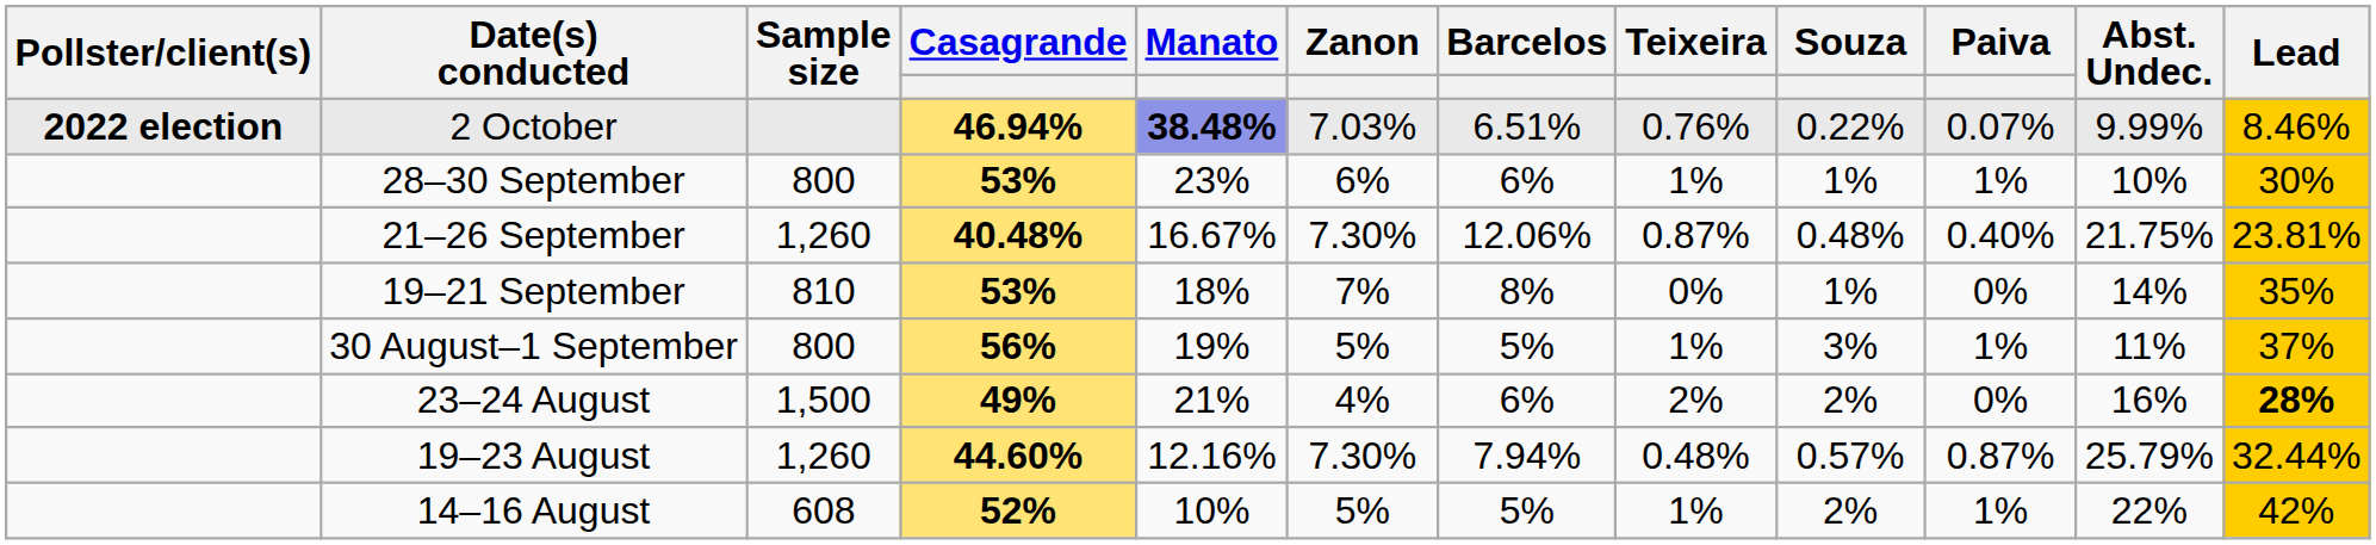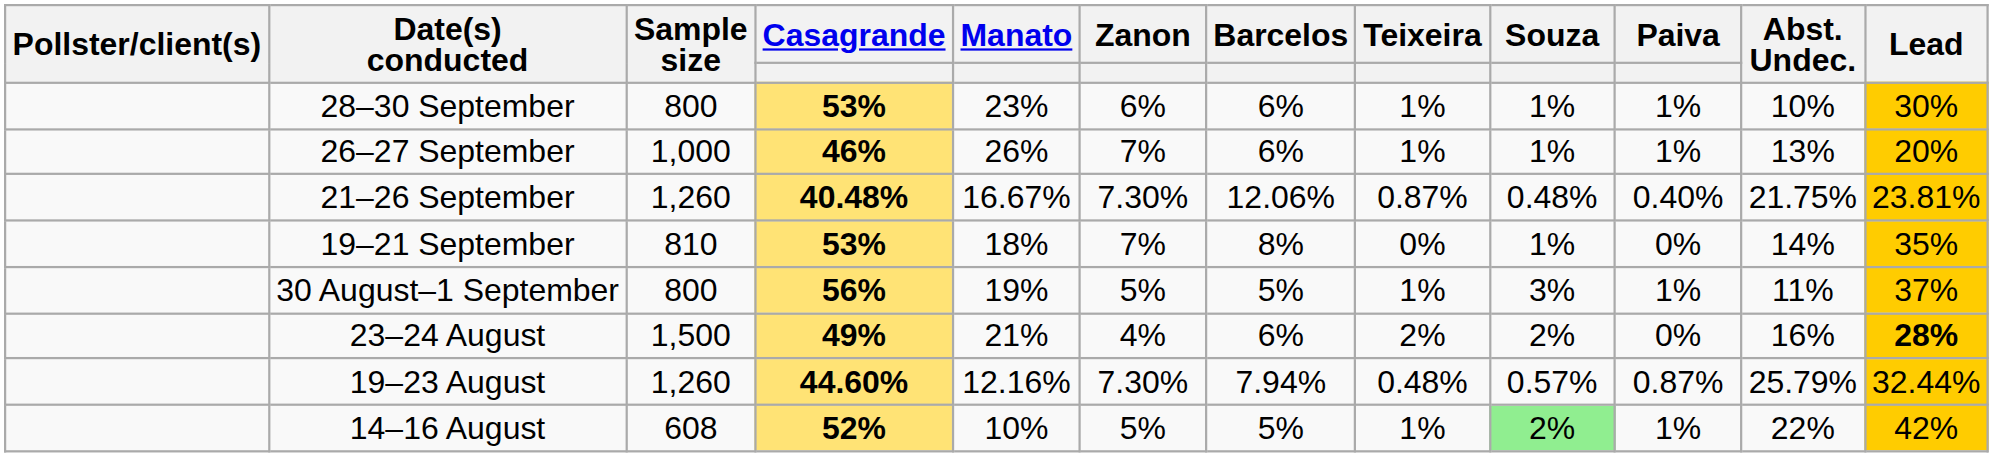 <table class="wikitable sortable" style="text-align:center;font-size:90%;line-height:14px;">
 <tr>
 <th rowspan="2">Pollster/client(s)</th>
 <th rowspan="2">Date(s)<br>conducted</th>
 <th rowspan="2" data-sort-type="number">Sample<br>size</th>
 <th class="unsortable" style="width:50px;"><a href='#'>Casagrande</a><br></th>
 <th class="unsortable" style="width:50px;"><a href='#'>Manato</a><br></th>
 <th class="unsortable" style="width:50px;">Zanon<br></th>
 <th class="unsortable" style="width:50px;">Barcelos<br></th>
 <th class="unsortable" style="width:50px;">Teixeira<br></th>
 <th class="unsortable" style="width:50px;">Souza<br></th>
 <th class="unsortable" style="width:50px;">Paiva<br></th>
 <th rowspan="2" class="unsortable">Abst.<br>Undec.</th>
 <th rowspan="2" data-sort-type="number">Lead</th>
 </tr>
 <tr>
 <th data-sort-type="number" class="sortable" style="background:"></th>
 <th data-sort-type="number" class="sortable" style="background:"></th>
 <th data-sort-type="number" class="sortable" style="background:"></th>
 <th data-sort-type="number" class="sortable" style="background:"></th>
 <th data-sort-type="number" class="sortable" style="background:"></th>
 <th data-sort-type="number" class="sortable" style="background:"></th>
 <th data-sort-type="number" class="sortable" style="background:"></th>
 </tr>
-<tr style="background:#E9E9E9;">
-<td><strong>2022 election</strong></td>
-<td>2 October</td>
-<td></td>
-<td style="background:#FFE375;"><strong>46.94%</strong></td>
-<td style="background:#8c92e6;"><strong>38.48%</strong></td>
-<td>7.03%</td>
-<td>6.51%</td>
-<td>0.76%</td>
-<td>0.22%</td>
-<td>0.07%</td>
-<td>9.99%</td>
-<td style="background:#FFCC00;">8.46%</td>
-</tr>
 <tr>
 <td></td>
 <td>28–30 September</td>
 <td>800</td>
 <td style="background:#FFE375;"><strong>53%</strong></td>
 <td>23%</td>
 <td>6%</td>
 <td>6%</td>
 <td>1%</td>
 <td>1%</td>
 <td>1%</td>
 <td>10%</td>
 <td style="background:#FFCC00;">30%</td>
+</tr>
+<tr>
+<td></td>
+<td>26–27 September</td>
+<td>1,000</td>
+<td style="background:#FFE375;"><strong>46%</strong></td>
+<td>26%</td>
+<td>7%</td>
+<td>6%</td>
+<td>1%</td>
+<td>1%</td>
+<td>1%</td>
+<td>13%</td>
+<td style="background:#FFCC00;">20%</td>
 </tr>
 <tr>
 <td></td>
 <td>21–26 September</td>
 <td>1,260</td>
 <td style="background:#FFE375;"><strong>40.48%</strong></td>
 <td>16.67%</td>
 <td>7.30%</td>
 <td>12.06%</td>
 <td>0.87%</td>
 <td>0.48%</td>
 <td>0.40%</td>
 <td>21.75%</td>
 <td style="background:#FFCC00;">23.81%</td>
 </tr>
 <tr>
 <td></td>
 <td>19–21 September</td>
 <td>810</td>
 <td style="background:#FFE375;"><strong>53%</strong></td>
 <td>18%</td>
 <td>7%</td>
 <td>8%</td>
 <td>0%</td>
 <td>1%</td>
 <td>0%</td>
 <td>14%</td>
 <td style="background:#FFCC00;">35%</td>
 </tr>
 <tr>
 <td></td>
 <td>30 August–1 September</td>
 <td>800</td>
 <td style="background:#FFE375;"><strong>56%</strong></td>
 <td>19%</td>
 <td>5%</td>
 <td>5%</td>
 <td>1%</td>
 <td>3%</td>
 <td>1%</td>
 <td>11%</td>
 <td style="background:#FFCC00;">37%</td>
 </tr>
 <tr>
 <td></td>
 <td>23–24 August</td>
 <td>1,500</td>
 <td style="background:#FFE375;"><strong>49%</strong></td>
 <td>21%</td>
 <td>4%</td>
 <td>6%</td>
 <td>2%</td>
 <td>2%</td>
 <td>0%</td>
 <td>16%</td>
 <td style="background:#FFCC00;"><strong>28%</strong></td>
 </tr>
 <tr>
 <td></td>
 <td>19–23 August</td>
 <td>1,260</td>
 <td style="background:#FFE375;"><strong>44.60%</strong></td>
 <td>12.16%</td>
 <td>7.30%</td>
 <td>7.94%</td>
 <td>0.48%</td>
 <td>0.57%</td>
 <td>0.87%</td>
 <td>25.79%</td>
 <td style="background:#FFCC00;">32.44%</td>
 </tr>
 <tr>
 <td></td>
 <td>14–16 August</td>
 <td>608</td>
 <td style="background:#FFE375;"><strong>52%</strong></td>
 <td>10%</td>
 <td>5%</td>
 <td>5%</td>
 <td>1%</td>
-<td>2%</td>
+<td style="background: lightgreen;">2%</td>
 <td>1%</td>
 <td>22%</td>
 <td style="background:#FFCC00;">42%</td>
 </tr>
 </table>
